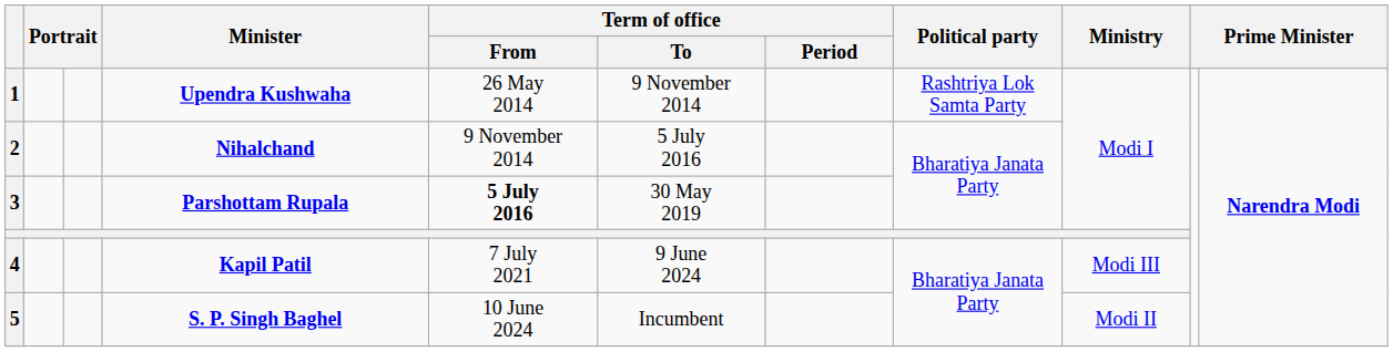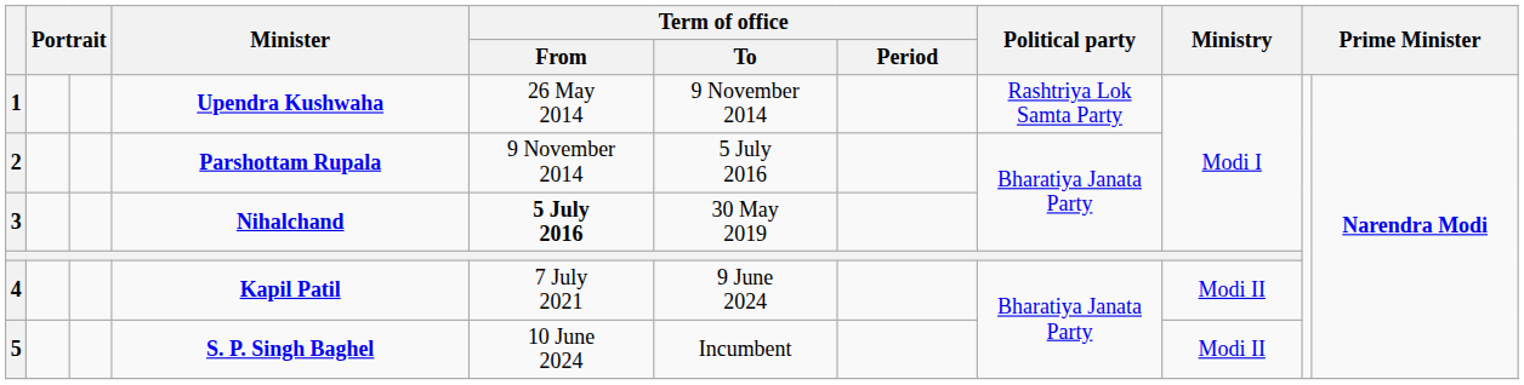 <table class="wikitable" style="text-align:center">
 <tr>
 <th rowspan="2"></th>
 <th rowspan="2" colspan="2">Portrait</th>
 <th rowspan="2" style="width:16em">Minister<br></th>
 <th colspan="3">Term of office</th>
 <th rowspan="2" style="width:8em">Political party</th>
 <th rowspan="2" style="width:6em">Ministry</th>
 <th rowspan="2" colspan="2">Prime Minister</th>
 </tr>
 <tr>
 <th style="width:8em">From</th>
 <th style="width:8em">To</th>
 <th style="width:6em">Period</th>
 </tr>
 <tr>
 <th>1</th>
 <td></td>
 <td></td>
 <td><strong><a href='#'>Upendra Kushwaha</a></strong><br></td>
 <td>26 May<br>2014</td>
 <td>9 November<br>2014</td>
 <td><strong></strong></td>
 <td><a href='#'>Rashtriya Lok Samta Party</a></td>
 <td rowspan="3"><a href='#'>Modi I</a></td>
 <td rowspan="6"></td>
 <td rowspan="6" style="width:9em"><strong><a href='#'>Narendra Modi</a></strong></td>
 </tr>
 <tr>
 <th>2</th>
 <td></td>
 <td></td>
-<td><strong><a href='#'>Nihalchand</a></strong><br></td>
+<td><strong><a href='#'>Parshottam Rupala</a></strong><br></td>
 <td>9 November<br>2014</td>
 <td>5 July<br>2016</td>
 <td><strong></strong></td>
 <td rowspan="2"><a href='#'>Bharatiya Janata Party</a></td>
 </tr>
 <tr>
 <th>3</th>
 <td></td>
 <td></td>
-<td><strong><a href='#'>Parshottam Rupala</a></strong><br></td>
+<td><strong><a href='#'>Nihalchand</a></strong><br></td>
 <td><strong>5 July<br>2016</strong></td>
 <td>30 May<br>2019</td>
 <td><strong></strong></td>
 </tr>
 <tr>
 <th colspan="9"></th>
 </tr>
 <tr>
 <th>4</th>
 <td></td>
 <td></td>
 <td><strong><a href='#'>Kapil Patil</a></strong><br></td>
 <td>7 July<br>2021</td>
 <td>9 June<br>2024</td>
 <td><strong></strong></td>
 <td rowspan="2"><a href='#'>Bharatiya Janata Party</a></td>
-<td><a href='#'>Modi III</a></td>
+<td><a href='#'>Modi II</a></td>
 </tr>
 <tr>
 <th>5</th>
 <td></td>
 <td></td>
 <td><strong><a href='#'>S. P. Singh Baghel</a></strong><br></td>
 <td>10 June<br>2024</td>
 <td>Incumbent</td>
 <td><strong></strong></td>
 <td><a href='#'>Modi II</a></td>
 </tr>
 <tr>
 </tr>
 </table>
